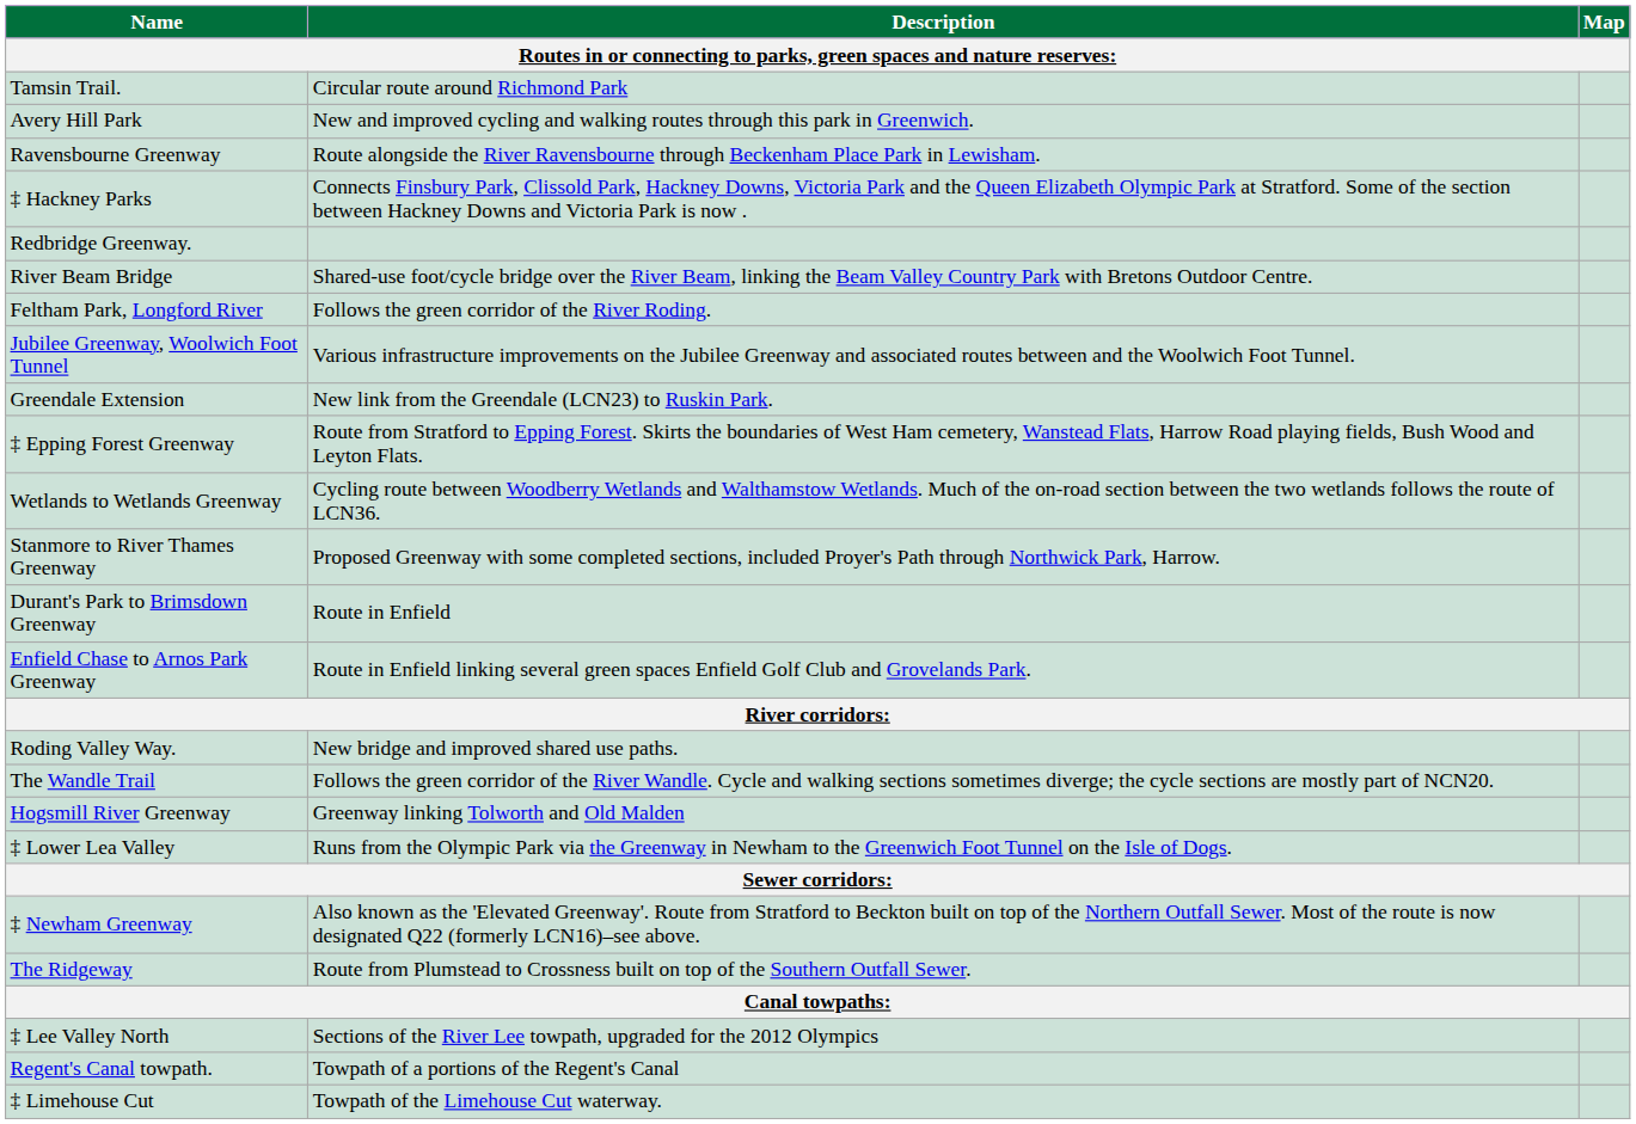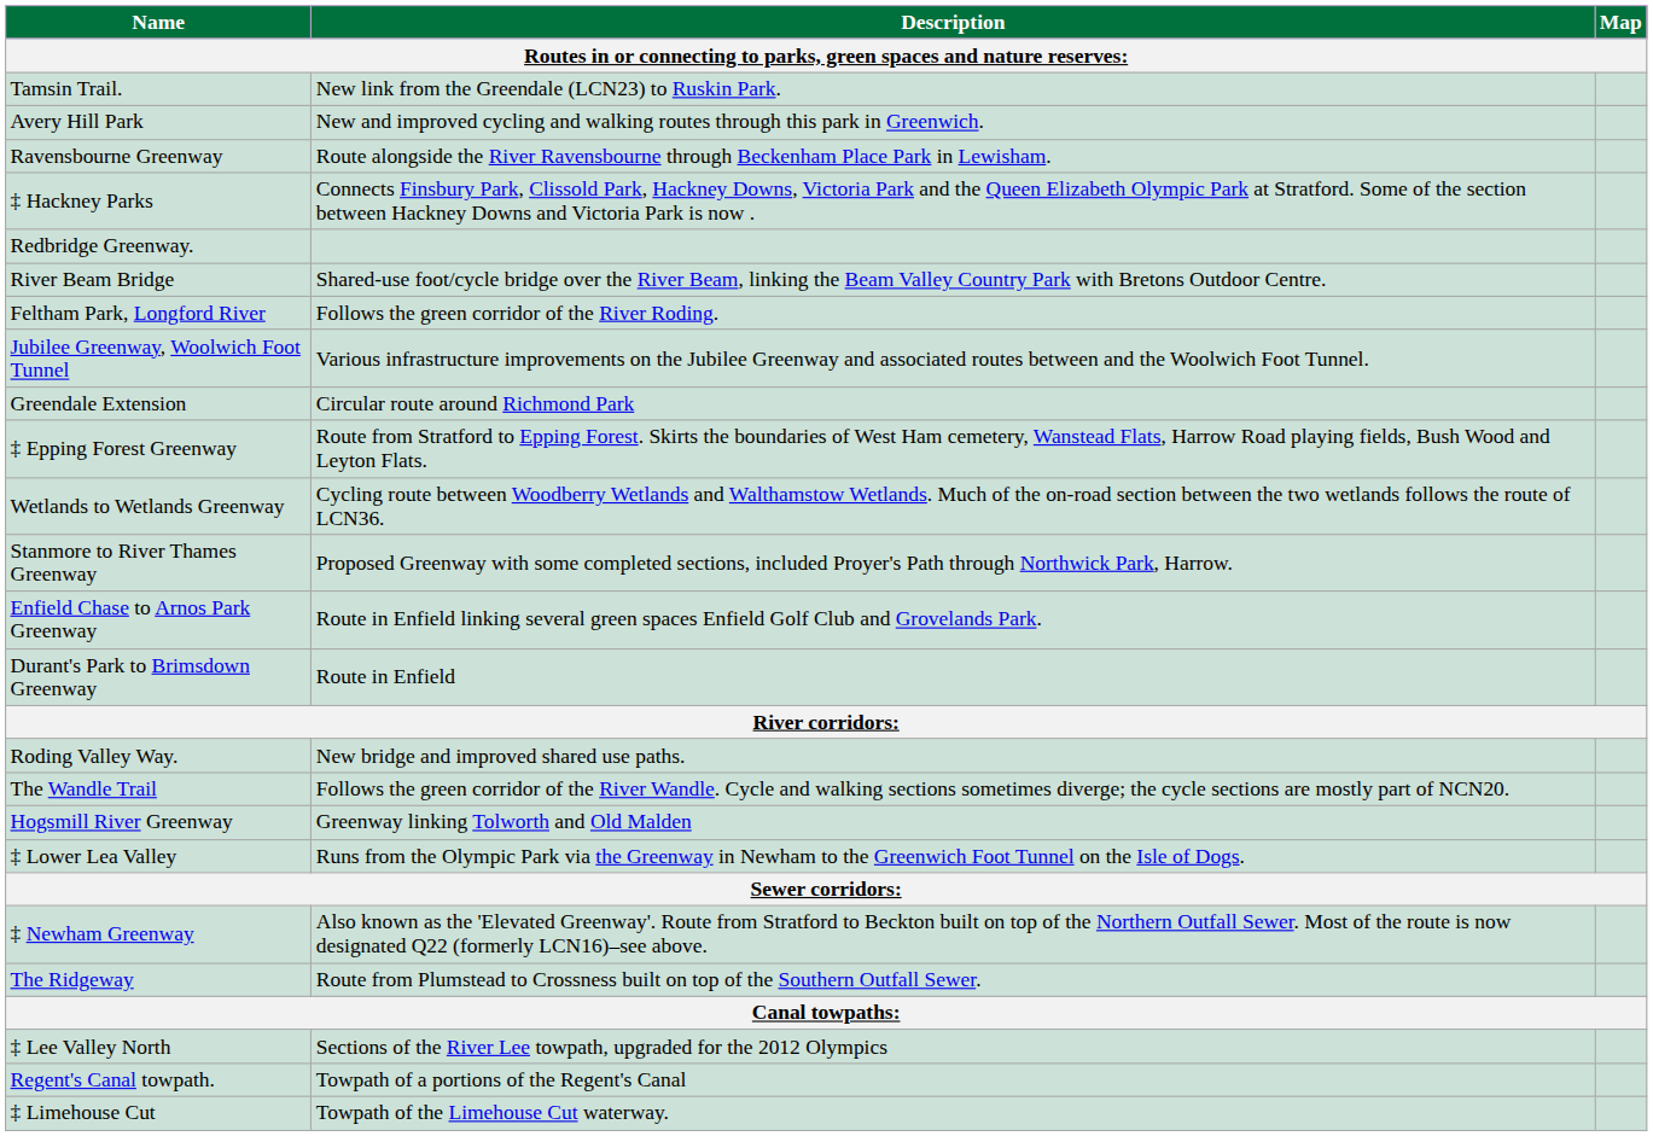 <table class="wikitable" style="background: #cce2d8; border-color: #BDA0CB;">
 <tr>
 <th style="color: #ffffff; background:#00703C; border-color: #BDA0CB;">Name</th>
 <th style="color: #ffffff; background:#00703C; border-color: #BDA0CB;">Description</th>
 <th style="color: #ffffff; background:#00703C; border-color: #BDA0CB;">Map</th>
 </tr>
 <tr>
 <th style="text-decoration: underline;" colspan="3">Routes in or connecting to parks, green spaces and nature reserves:</th>
 </tr>
 <tr>
 <td>Tamsin Trail.</td>
-<td>Circular route around <a href='#'>Richmond Park</a></td>
+<td>New link from the Greendale (LCN23) to <a href='#'>Ruskin Park</a>.</td>
 <td></td>
 </tr>
 <tr>
 <td>Avery Hill Park</td>
 <td>New and improved cycling and walking routes through this park in <a href='#'>Greenwich</a>.</td>
 <td></td>
 </tr>
 <tr>
 <td>Ravensbourne Greenway</td>
 <td>Route alongside the <a href='#'>River Ravensbourne</a> through <a href='#'>Beckenham Place Park</a> in <a href='#'>Lewisham</a>.</td>
 <td></td>
 </tr>
 <tr>
 <td>‡ Hackney Parks</td>
 <td>Connects <a href='#'>Finsbury Park</a>, <a href='#'>Clissold Park</a>, <a href='#'>Hackney Downs</a>, <a href='#'>Victoria Park</a> and the <a href='#'>Queen Elizabeth Olympic Park</a> at Stratford. Some of the section between Hackney Downs and Victoria Park is now .</td>
 <td></td>
 </tr>
 <tr>
 <td>Redbridge Greenway.</td>
 <td></td>
 <td></td>
 </tr>
 <tr>
 <td>River Beam Bridge</td>
 <td>Shared-use foot/cycle bridge over the <a href='#'>River Beam</a>, linking the <a href='#'>Beam Valley Country Park</a> with Bretons Outdoor Centre.</td>
 <td></td>
 </tr>
 <tr>
 <td>Feltham Park, <a href='#'>Longford River</a></td>
 <td>Follows the green corridor of the <a href='#'>River Roding</a>.</td>
 <td></td>
 </tr>
 <tr>
 <td><a href='#'>Jubilee Greenway</a>, <a href='#'>Woolwich Foot Tunnel</a></td>
 <td>Various infrastructure improvements on the Jubilee Greenway and associated routes between  and the Woolwich Foot Tunnel.</td>
 <td></td>
 </tr>
 <tr>
 <td>Greendale Extension</td>
-<td>New link from the Greendale (LCN23) to <a href='#'>Ruskin Park</a>.</td>
+<td>Circular route around <a href='#'>Richmond Park</a></td>
 <td></td>
 </tr>
 <tr>
 <td>‡ Epping Forest Greenway</td>
 <td>Route from Stratford to <a href='#'>Epping Forest</a>. Skirts the boundaries of West Ham cemetery, <a href='#'>Wanstead Flats</a>, Harrow Road playing fields, Bush Wood and Leyton Flats.</td>
 <td></td>
 </tr>
 <tr>
 <td>Wetlands to Wetlands Greenway</td>
 <td>Cycling route between <a href='#'>Woodberry Wetlands</a> and <a href='#'>Walthamstow Wetlands</a>. Much of the on-road section between the two wetlands follows the route of LCN36.</td>
 <td></td>
 </tr>
 <tr>
 <td>Stanmore to River Thames Greenway</td>
 <td>Proposed Greenway with some completed sections, included Proyer's Path through <a href='#'>Northwick Park</a>, Harrow.</td>
 <td></td>
 </tr>
 <tr>
-<td>Durant's Park to <a href='#'>Brimsdown</a> Greenway</td>
-<td>Route in Enfield</td>
+<td><a href='#'>Enfield Chase</a> to <a href='#'>Arnos Park</a> Greenway</td>
+<td>Route in Enfield linking several green spaces Enfield Golf Club and <a href='#'>Grovelands Park</a>.</td>
 <td></td>
 </tr>
 <tr>
-<td><a href='#'>Enfield Chase</a> to <a href='#'>Arnos Park</a> Greenway</td>
-<td>Route in Enfield linking several green spaces Enfield Golf Club and <a href='#'>Grovelands Park</a>.</td>
+<td>Durant's Park to <a href='#'>Brimsdown</a> Greenway</td>
+<td>Route in Enfield</td>
 <td></td>
 </tr>
 <tr>
 <th style="text-decoration: underline;" colspan="3">River corridors:</th>
 </tr>
 <tr>
 <td>Roding Valley Way.</td>
 <td>New bridge and improved shared use paths.</td>
 <td></td>
 </tr>
 <tr>
 <td>The <a href='#'>Wandle Trail</a></td>
 <td>Follows the green corridor of the <a href='#'>River Wandle</a>. Cycle and walking sections sometimes diverge; the cycle sections are mostly part of NCN20.</td>
 <td></td>
 </tr>
 <tr>
 <td><a href='#'>Hogsmill River</a> Greenway</td>
 <td>Greenway linking <a href='#'>Tolworth</a> and <a href='#'>Old Malden</a></td>
 <td></td>
 </tr>
 <tr>
 <td>‡ Lower Lea Valley</td>
 <td>Runs from the Olympic Park via <a href='#'>the Greenway</a> in Newham to the <a href='#'>Greenwich Foot Tunnel</a> on the <a href='#'>Isle of Dogs</a>.</td>
 <td></td>
 </tr>
 <tr>
 <th style="text-decoration: underline;" colspan="3">Sewer corridors:</th>
 </tr>
 <tr>
 <td>‡ <a href='#'>Newham Greenway</a></td>
 <td>Also known as the 'Elevated Greenway'. Route from Stratford to Beckton built on top of the <a href='#'>Northern Outfall Sewer</a>. Most of the route is now designated Q22 (formerly LCN16)–see above.</td>
 <td></td>
 </tr>
 <tr>
 <td><a href='#'>The Ridgeway</a></td>
 <td>Route from Plumstead to Crossness built on top of the <a href='#'>Southern Outfall Sewer</a>.</td>
 <td></td>
 </tr>
 <tr>
 <th style="text-decoration: underline;" colspan="3">Canal towpaths:</th>
 </tr>
 <tr>
 <td>‡ Lee Valley North</td>
 <td>Sections of the <a href='#'>River Lee</a> towpath, upgraded for the 2012 Olympics</td>
 <td></td>
 </tr>
 <tr>
 <td><a href='#'>Regent's Canal</a> towpath.</td>
 <td>Towpath of a portions of the Regent's Canal</td>
 <td></td>
 </tr>
 <tr>
 <td>‡ Limehouse Cut</td>
 <td>Towpath of the <a href='#'>Limehouse Cut</a> waterway.</td>
 <td></td>
 </tr>
 </table>
